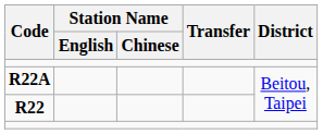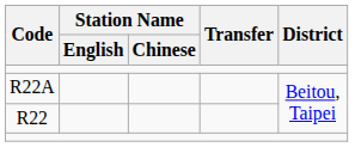 <table class="wikitable">
 <tr>
 <th rowspan=2>Code</th>
 <th colspan=2>Station Name</th>
 <th rowspan="2">Transfer</th>
 <th rowspan="2">District</th>
 </tr>
 <tr style="text-align:center;">
 <th>English</th>
 <th>Chinese</th>
 </tr>
 <tr>
 <td colspan="6"></td>
 </tr>
 <tr style="text-align:center;">
-<td><strong><span>R22A</span></strong></td>
+<td><span>R22A</span></td>
 <td></td>
 <td></td>
 <td></td>
 <td rowspan="2"><a href='#'>Beitou</a>,<br><a href='#'>Taipei</a></td>
 </tr>
 <tr style="text-align:center;">
-<td><strong><span>R22</span></strong></td>
+<td><span>R22</span></td>
 <td></td>
 <td></td>
 <td style="text-align:left;"></td>
 </tr>
 <tr>
 <td colspan="6"></td>
 </tr>
 </table>
